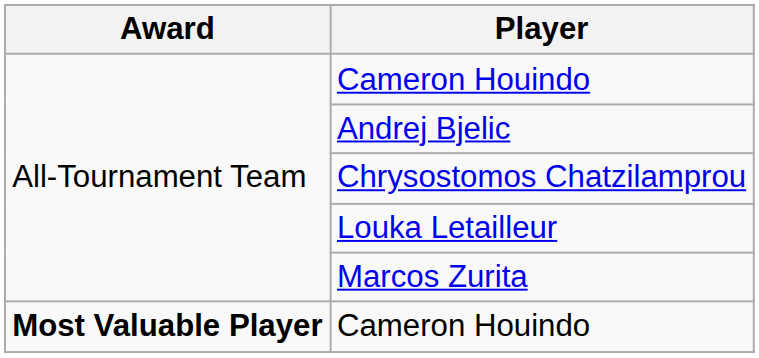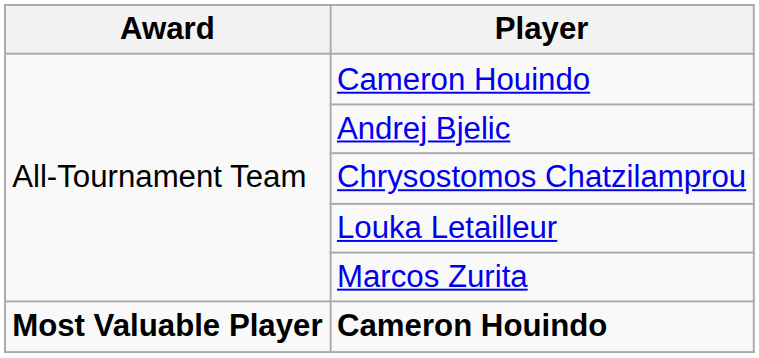 <table class="wikitable">
 <tr>
 <th>Award</th>
 <th>Player</th>
 </tr>
 <tr>
 <td rowspan=5>All-Tournament Team</td>
 <td> <a href='#'>Cameron Houindo</a></td>
 </tr>
 <tr>
 <td> <a href='#'>Andrej Bjelic</a></td>
 </tr>
 <tr>
 <td> <a href='#'>Chrysostomos Chatzilamprou</a></td>
 </tr>
 <tr>
 <td> <a href='#'>Louka Letailleur</a></td>
 </tr>
 <tr>
 <td> <a href='#'>Marcos Zurita</a></td>
 </tr>
 <tr>
 <td><strong>Most Valuable Player</strong></td>
-<td> Cameron Houindo</td>
+<td><strong> Cameron Houindo</strong></td>
 </tr>
 </table>
